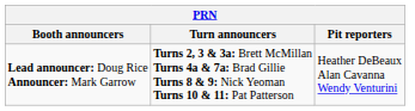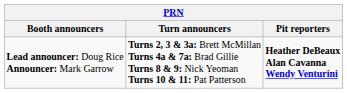 <table class="wikitable" style="font-size: 95%;">
 <tr>
 <th colspan="3"><a href='#'>PRN</a></th>
 </tr>
 <tr>
 <th>Booth announcers</th>
 <th>Turn announcers</th>
 <th>Pit reporters</th>
 </tr>
 <tr>
 <td><strong>Lead announcer:</strong> Doug Rice<br><strong>Announcer:</strong> Mark Garrow</td>
 <td><strong>Turns 2, 3 & 3a:</strong> Brett McMillan<br><strong>Turns 4a & 7a:</strong> Brad Gillie<br><strong>Turns 8 & 9:</strong> Nick Yeoman<br> <strong>Turns 10 & 11:</strong> Pat Patterson</td>
-<td>Heather DeBeaux<br>Alan Cavanna<br><a href='#'>Wendy Venturini</a></td>
+<td><strong>Heather DeBeaux<br>Alan Cavanna<br><a href='#'>Wendy Venturini</a></strong></td>
 </tr>
 </table>
